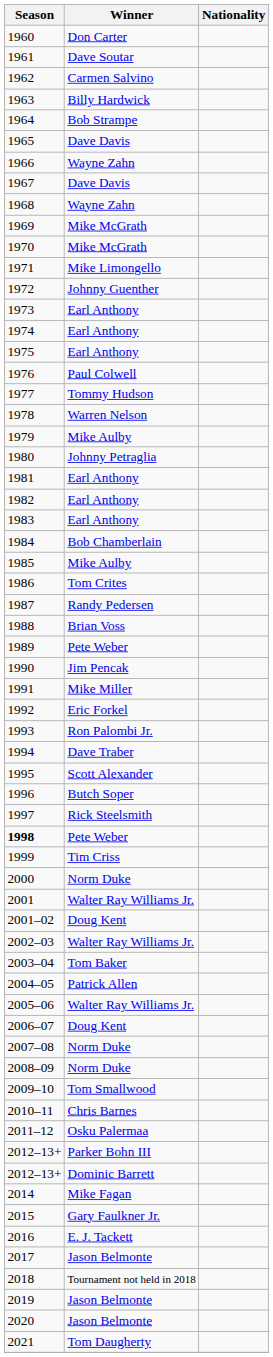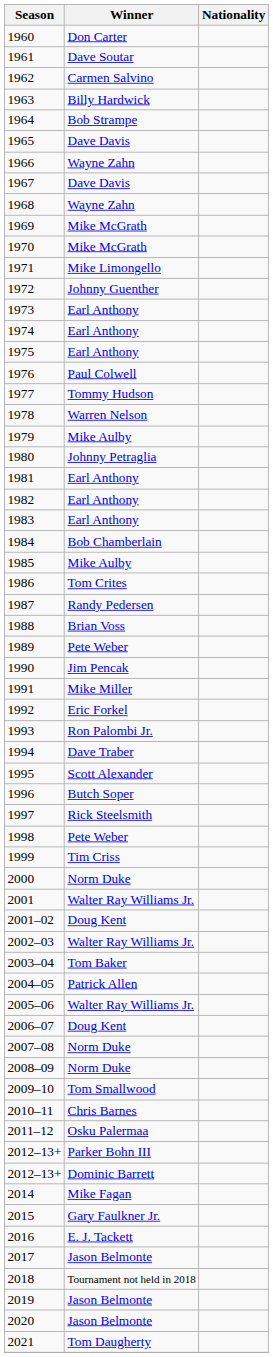 <table class="wikitable">
 <tr>
 <th>Season</th>
 <th>Winner</th>
 <th>Nationality</th>
 </tr>
 <tr>
 <td>1960</td>
 <td><a href='#'>Don Carter</a></td>
 <td></td>
 </tr>
 <tr>
 <td>1961</td>
 <td><a href='#'>Dave Soutar</a></td>
 <td></td>
 </tr>
 <tr>
 <td>1962</td>
 <td><a href='#'>Carmen Salvino</a></td>
 <td></td>
 </tr>
 <tr>
 <td>1963</td>
 <td><a href='#'>Billy Hardwick</a></td>
 <td></td>
 </tr>
 <tr>
 <td>1964</td>
 <td><a href='#'>Bob Strampe</a></td>
 <td></td>
 </tr>
 <tr>
 <td>1965</td>
 <td><a href='#'>Dave Davis</a></td>
 <td></td>
 </tr>
 <tr>
 <td>1966</td>
 <td><a href='#'>Wayne Zahn</a></td>
 <td></td>
 </tr>
 <tr>
 <td>1967</td>
 <td><a href='#'>Dave Davis</a></td>
 <td></td>
 </tr>
 <tr>
 <td>1968</td>
 <td><a href='#'>Wayne Zahn</a></td>
 <td></td>
 </tr>
 <tr>
 <td>1969</td>
 <td><a href='#'>Mike McGrath</a></td>
 <td></td>
 </tr>
 <tr>
 <td>1970</td>
 <td><a href='#'>Mike McGrath</a></td>
 <td></td>
 </tr>
 <tr>
 <td>1971</td>
 <td><a href='#'>Mike Limongello</a></td>
 <td></td>
 </tr>
 <tr>
 <td>1972</td>
 <td><a href='#'>Johnny Guenther</a></td>
 <td></td>
 </tr>
 <tr>
 <td>1973</td>
 <td><a href='#'>Earl Anthony</a></td>
 <td></td>
 </tr>
 <tr>
 <td>1974</td>
 <td><a href='#'>Earl Anthony</a></td>
 <td></td>
 </tr>
 <tr>
 <td>1975</td>
 <td><a href='#'>Earl Anthony</a></td>
 <td></td>
 </tr>
 <tr>
 <td>1976</td>
 <td><a href='#'>Paul Colwell</a></td>
 <td></td>
 </tr>
 <tr>
 <td>1977</td>
 <td><a href='#'>Tommy Hudson</a></td>
 <td></td>
 </tr>
 <tr>
 <td>1978</td>
 <td><a href='#'>Warren Nelson</a></td>
 <td></td>
 </tr>
 <tr>
 <td>1979</td>
 <td><a href='#'>Mike Aulby</a></td>
 <td></td>
 </tr>
 <tr>
 <td>1980</td>
 <td><a href='#'>Johnny Petraglia</a></td>
 <td></td>
 </tr>
 <tr>
 <td>1981</td>
 <td><a href='#'>Earl Anthony</a></td>
 <td></td>
 </tr>
 <tr>
 <td>1982</td>
 <td><a href='#'>Earl Anthony</a></td>
 <td></td>
 </tr>
 <tr>
 <td>1983</td>
 <td><a href='#'>Earl Anthony</a></td>
 <td></td>
 </tr>
 <tr>
 <td>1984</td>
 <td><a href='#'>Bob Chamberlain</a></td>
 <td></td>
 </tr>
 <tr>
 <td>1985</td>
 <td><a href='#'>Mike Aulby</a></td>
 <td></td>
 </tr>
 <tr>
 <td>1986</td>
 <td><a href='#'>Tom Crites</a></td>
 <td></td>
 </tr>
 <tr>
 <td>1987</td>
 <td><a href='#'>Randy Pedersen</a></td>
 <td></td>
 </tr>
 <tr>
 <td>1988</td>
 <td><a href='#'>Brian Voss</a></td>
 <td></td>
 </tr>
 <tr>
 <td>1989</td>
 <td><a href='#'>Pete Weber</a></td>
 <td></td>
 </tr>
 <tr>
 <td>1990</td>
 <td><a href='#'>Jim Pencak</a></td>
 <td></td>
 </tr>
 <tr>
 <td>1991</td>
 <td><a href='#'>Mike Miller</a></td>
 <td></td>
 </tr>
 <tr>
 <td>1992</td>
 <td><a href='#'>Eric Forkel</a></td>
 <td></td>
 </tr>
 <tr>
 <td>1993</td>
 <td><a href='#'>Ron Palombi Jr.</a></td>
 <td></td>
 </tr>
 <tr>
 <td>1994</td>
 <td><a href='#'>Dave Traber</a></td>
 <td></td>
 </tr>
 <tr>
 <td>1995</td>
 <td><a href='#'>Scott Alexander</a></td>
 <td></td>
 </tr>
 <tr>
 <td>1996</td>
 <td><a href='#'>Butch Soper</a></td>
 <td></td>
 </tr>
 <tr>
 <td>1997</td>
 <td><a href='#'>Rick Steelsmith</a></td>
 <td></td>
 </tr>
 <tr>
-<td><strong>1998</strong></td>
+<td>1998</td>
 <td><a href='#'>Pete Weber</a></td>
 <td></td>
 </tr>
 <tr>
 <td>1999</td>
 <td><a href='#'>Tim Criss</a></td>
 <td></td>
 </tr>
 <tr>
 <td>2000</td>
 <td><a href='#'>Norm Duke</a></td>
 <td></td>
 </tr>
 <tr>
 <td>2001</td>
 <td><a href='#'>Walter Ray Williams Jr.</a></td>
 <td></td>
 </tr>
 <tr>
 <td>2001–02</td>
 <td><a href='#'>Doug Kent</a></td>
 <td></td>
 </tr>
 <tr>
 <td>2002–03</td>
 <td><a href='#'>Walter Ray Williams Jr.</a></td>
 <td></td>
 </tr>
 <tr>
 <td>2003–04</td>
 <td><a href='#'>Tom Baker</a></td>
 <td></td>
 </tr>
 <tr>
 <td>2004–05</td>
 <td><a href='#'>Patrick Allen</a></td>
 <td></td>
 </tr>
 <tr>
 <td>2005–06</td>
 <td><a href='#'>Walter Ray Williams Jr.</a></td>
 <td></td>
 </tr>
 <tr>
 <td>2006–07</td>
 <td><a href='#'>Doug Kent</a></td>
 <td></td>
 </tr>
 <tr>
 <td>2007–08</td>
 <td><a href='#'>Norm Duke</a></td>
 <td></td>
 </tr>
 <tr>
 <td>2008–09</td>
 <td><a href='#'>Norm Duke</a></td>
 <td></td>
 </tr>
 <tr>
 <td>2009–10</td>
 <td><a href='#'>Tom Smallwood</a></td>
 <td></td>
 </tr>
 <tr>
 <td>2010–11</td>
 <td><a href='#'>Chris Barnes</a></td>
 <td></td>
 </tr>
 <tr>
 <td>2011–12</td>
 <td><a href='#'>Osku Palermaa</a></td>
 <td></td>
 </tr>
 <tr>
 <td>2012–13+</td>
 <td><a href='#'>Parker Bohn III</a></td>
 <td></td>
 </tr>
 <tr>
 <td>2012–13+</td>
 <td><a href='#'>Dominic Barrett</a></td>
 <td></td>
 </tr>
 <tr>
 <td>2014</td>
 <td><a href='#'>Mike Fagan</a></td>
 <td></td>
 </tr>
 <tr>
 <td>2015</td>
 <td><a href='#'>Gary Faulkner Jr.</a></td>
 <td></td>
 </tr>
 <tr>
 <td>2016</td>
 <td><a href='#'>E. J. Tackett</a></td>
 <td></td>
 </tr>
 <tr>
 <td>2017</td>
 <td><a href='#'>Jason Belmonte</a></td>
 <td></td>
 </tr>
 <tr>
 <td>2018</td>
 <td><small>Tournament not held in 2018</small></td>
 </tr>
 <tr>
 <td>2019</td>
 <td><a href='#'>Jason Belmonte</a></td>
 <td></td>
 </tr>
 <tr>
 <td>2020</td>
 <td><a href='#'>Jason Belmonte</a></td>
 <td></td>
 </tr>
 <tr>
 <td>2021</td>
 <td><a href='#'>Tom Daugherty</a></td>
 <td></td>
 </tr>
 <tr>
 </tr>
 </table>
